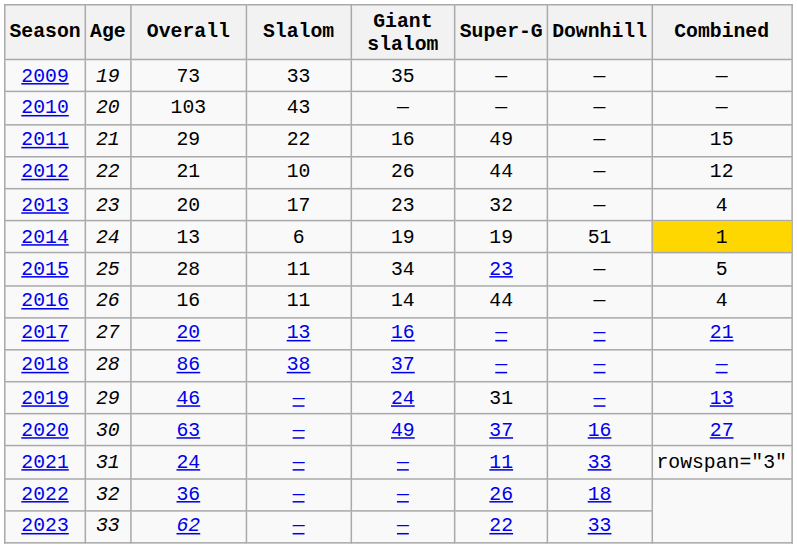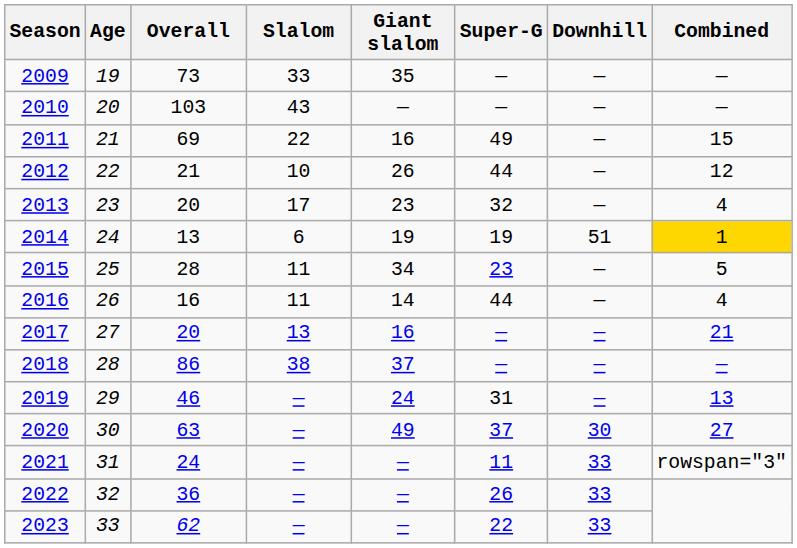 <table class="wikitable" style="text-align:center; font-size:100%;">
 <tr>
 <th>Season</th>
 <th>Age</th>
 <th> Overall </th>
 <th> Slalom </th>
 <th>Giant<br> slalom </th>
 <th>Super-G</th>
 <th>Downhill</th>
 <th>Combined</th>
 </tr>
 <tr>
 <td><a href='#'>2009</a></td>
 <td><em>19</em></td>
 <td>73</td>
 <td>33</td>
 <td>35</td>
 <td>—</td>
 <td>—</td>
 <td>—</td>
 </tr>
 <tr>
 <td><a href='#'>2010</a></td>
 <td><em>20</em></td>
 <td>103</td>
 <td>43</td>
 <td>—</td>
 <td>—</td>
 <td>—</td>
 <td>—</td>
 </tr>
 <tr>
 <td><a href='#'>2011</a></td>
 <td><em>21</em></td>
-<td>29</td>
+<td>69</td>
 <td>22</td>
 <td>16</td>
 <td>49</td>
 <td>—</td>
 <td>15</td>
 </tr>
 <tr>
 <td><a href='#'>2012</a></td>
 <td><em>22</em></td>
 <td>21</td>
 <td>10</td>
 <td>26</td>
 <td>44</td>
 <td>—</td>
 <td>12</td>
 </tr>
 <tr>
 <td><a href='#'>2013</a></td>
 <td><em>23</em></td>
 <td>20</td>
 <td>17</td>
 <td>23</td>
 <td>32</td>
 <td>—</td>
 <td>4</td>
 </tr>
 <tr>
 <td><a href='#'>2014</a></td>
 <td><em>24</em></td>
 <td>13</td>
 <td>6</td>
 <td>19</td>
 <td>19</td>
 <td>51</td>
 <td bgcolor="gold">1</td>
 </tr>
 <tr>
 <td><a href='#'>2015</a></td>
 <td><em>25</em></td>
 <td>28</td>
 <td>11</td>
 <td>34</td>
 <td><a href='#'>23</a></td>
 <td>—</td>
 <td>5</td>
 </tr>
 <tr>
 <td><a href='#'>2016</a></td>
 <td><em>26</em></td>
 <td>16</td>
 <td>11</td>
 <td>14</td>
 <td>44</td>
 <td>—</td>
 <td>4</td>
 </tr>
 <tr>
 <td><a href='#'>2017</a></td>
 <td><em>27</em></td>
 <td><a href='#'>20</a></td>
 <td><a href='#'>13</a></td>
 <td><a href='#'>16</a></td>
 <td><a href='#'>—</a></td>
 <td><a href='#'>—</a></td>
 <td><a href='#'>21</a></td>
 </tr>
 <tr>
 <td><a href='#'>2018</a></td>
 <td><em>28</em></td>
 <td><a href='#'>86</a></td>
 <td><a href='#'>38</a></td>
 <td><a href='#'>37</a></td>
 <td><a href='#'>—</a></td>
 <td><a href='#'>—</a></td>
 <td><a href='#'>—</a></td>
 </tr>
 <tr>
 <td><a href='#'>2019</a></td>
 <td><em>29</em></td>
 <td><a href='#'>46</a></td>
 <td><a href='#'>—</a></td>
 <td><a href='#'>24</a></td>
 <td>31</td>
 <td><a href='#'>—</a></td>
 <td><a href='#'>13</a></td>
 </tr>
 <tr>
 <td><a href='#'>2020</a></td>
 <td><em>30</em></td>
 <td><a href='#'>63</a></td>
 <td><a href='#'>—</a></td>
 <td><a href='#'>49</a></td>
 <td><a href='#'>37</a></td>
-<td><a href='#'>16</a></td>
+<td><a href='#'>30</a></td>
 <td><a href='#'>27</a></td>
 </tr>
 <tr>
 <td><a href='#'>2021</a></td>
 <td><em>31</em></td>
 <td><a href='#'>24</a></td>
 <td><a href='#'>—</a></td>
 <td><a href='#'>—</a></td>
 <td><a href='#'>11</a></td>
 <td></em><a href='#'>33</a><em></td>
 <td>rowspan="3" </td>
 </tr>
 <tr>
 <td><a href='#'>2022</a></td>
 <td><em>32</em></td>
 <td><a href='#'>36</a></td>
 <td><a href='#'>—</a></td>
 <td><a href='#'>—</a></td>
 <td><a href='#'>26</a></td>
-<td><a href='#'>18</a></td>
+<td></em><a href='#'>33</a><em></td>
 </tr>
 <tr>
 <td><a href='#'>2023</a></td>
 <td><em>33</em></td>
 <td><em><a href='#'>62</a></em></td>
 <td><em><a href='#'>—</a></td>
 <td></em><a href='#'>—</a><em></td>
 <td></em><a href='#'>22</a><em></td>
 <td></em><a href='#'>33</a><em></td>
 </tr>
 </table>
